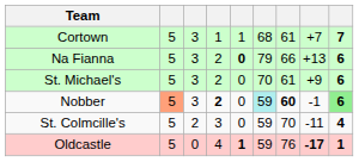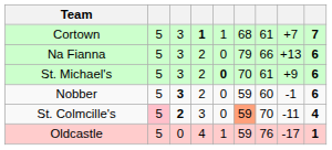 <table class="wikitable" style="text-align:center">
 <tr>
 <th width="175">Team</th>
 <th width="20"></th>
 <th width="20"></th>
 <th width="20"></th>
 <th width="20"></th>
 <th width="20"></th>
 <th width="20"></th>
 <th width="20"></th>
 <th width="20"></th>
 </tr>
 <tr style="background:#cfc;">
 <td>Cortown</td>
 <td>5</td>
 <td>3</td>
-<td>1</td>
+<td><strong>1</strong></td>
 <td>1</td>
 <td>68</td>
 <td>61</td>
 <td>+7</td>
 <td><strong>7</strong></td>
 </tr>
 <tr style="background:#cfc;">
 <td>Na Fianna</td>
 <td>5</td>
 <td>3</td>
 <td>2</td>
-<td><strong>0</strong></td>
+<td>0</td>
 <td>79</td>
 <td>66</td>
 <td>+13</td>
 <td><strong>6</strong></td>
 </tr>
 <tr style="background:#cfc;">
 <td>St. Michael's</td>
 <td>5</td>
 <td>3</td>
 <td>2</td>
-<td>0</td>
+<td><strong>0</strong></td>
 <td>70</td>
 <td>61</td>
 <td>+9</td>
 <td><strong>6</strong></td>
 </tr>
 <tr>
 <td>Nobber</td>
-<td style="background: lightsalmon;">5</td>
-<td>3</td>
-<td><strong>2</strong></td>
+<td>5</td>
+<td><strong>3</strong></td>
+<td>2</td>
 <td>0</td>
-<td style="background: paleturquoise;">59</td>
-<td><strong>60</strong></td>
+<td>59</td>
+<td>60</td>
 <td>-1</td>
-<td style="background: lightgreen;"><strong>6</strong></td>
+<td><strong>6</strong></td>
 </tr>
 <tr>
 <td>St. Colmcille's</td>
-<td>5</td>
-<td>2</td>
+<td style="background: pink;">5</td>
+<td><strong>2</strong></td>
 <td>3</td>
 <td>0</td>
-<td>59</td>
+<td style="background: lightsalmon;">59</td>
 <td>70</td>
 <td>-11</td>
 <td><strong>4</strong></td>
 </tr>
 <tr style="background:#fcc;">
 <td>Oldcastle</td>
 <td>5</td>
 <td>0</td>
 <td>4</td>
-<td><strong>1</strong></td>
+<td>1</td>
 <td>59</td>
 <td>76</td>
-<td><strong>-17</strong></td>
+<td>-17</td>
 <td><strong>1</strong></td>
 </tr>
 </table>
